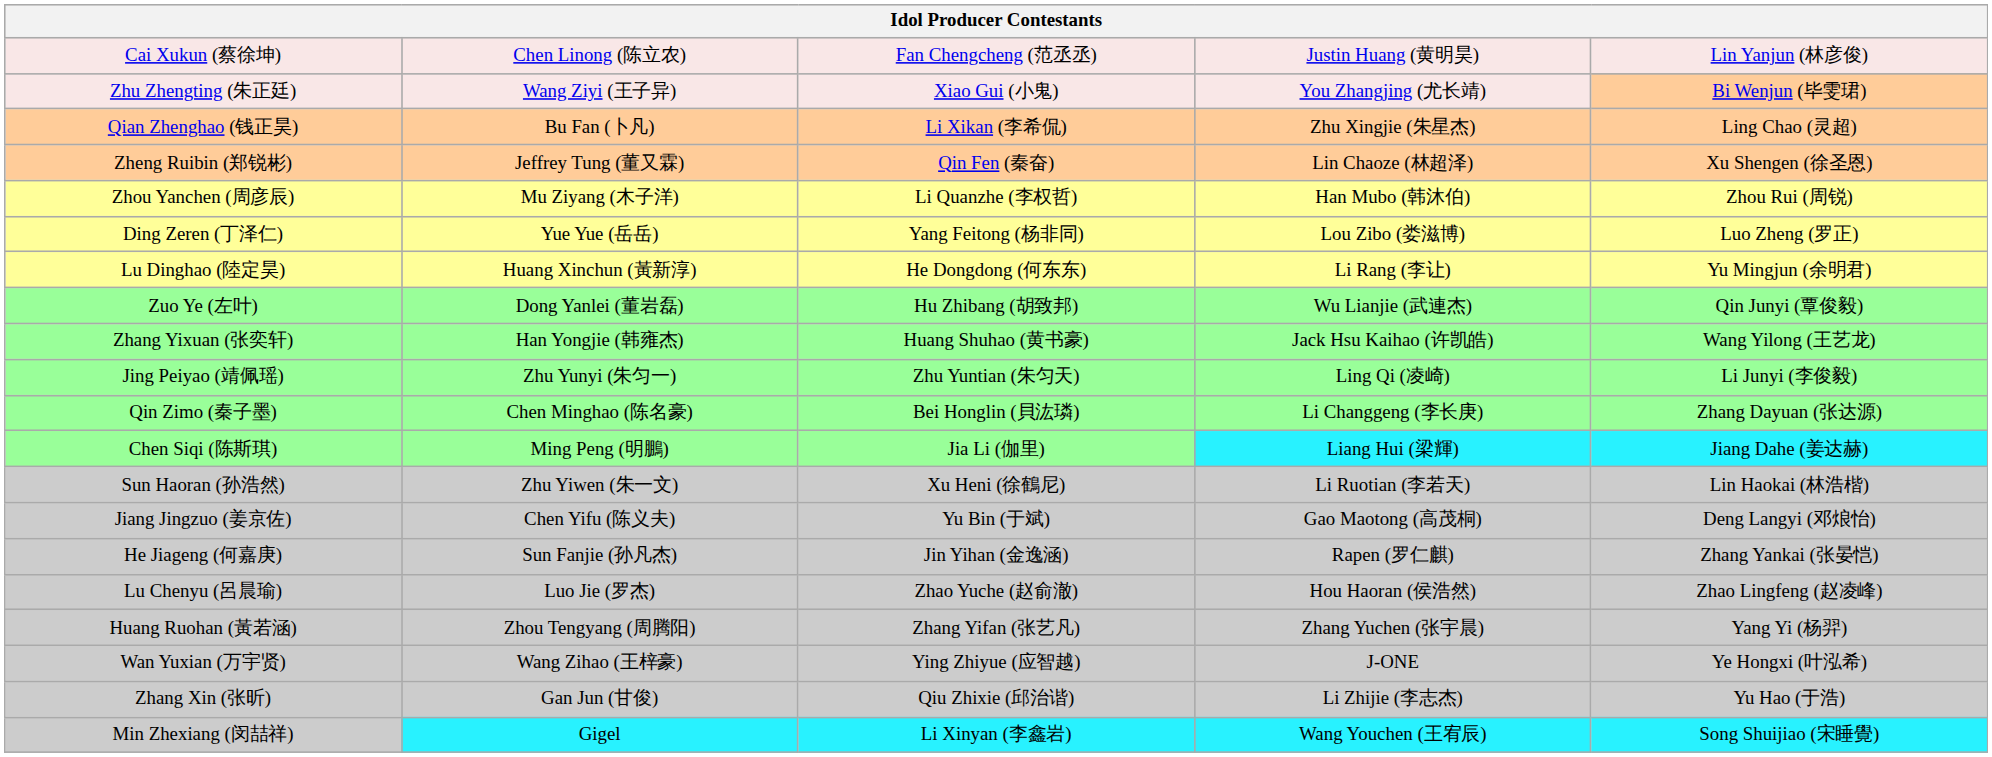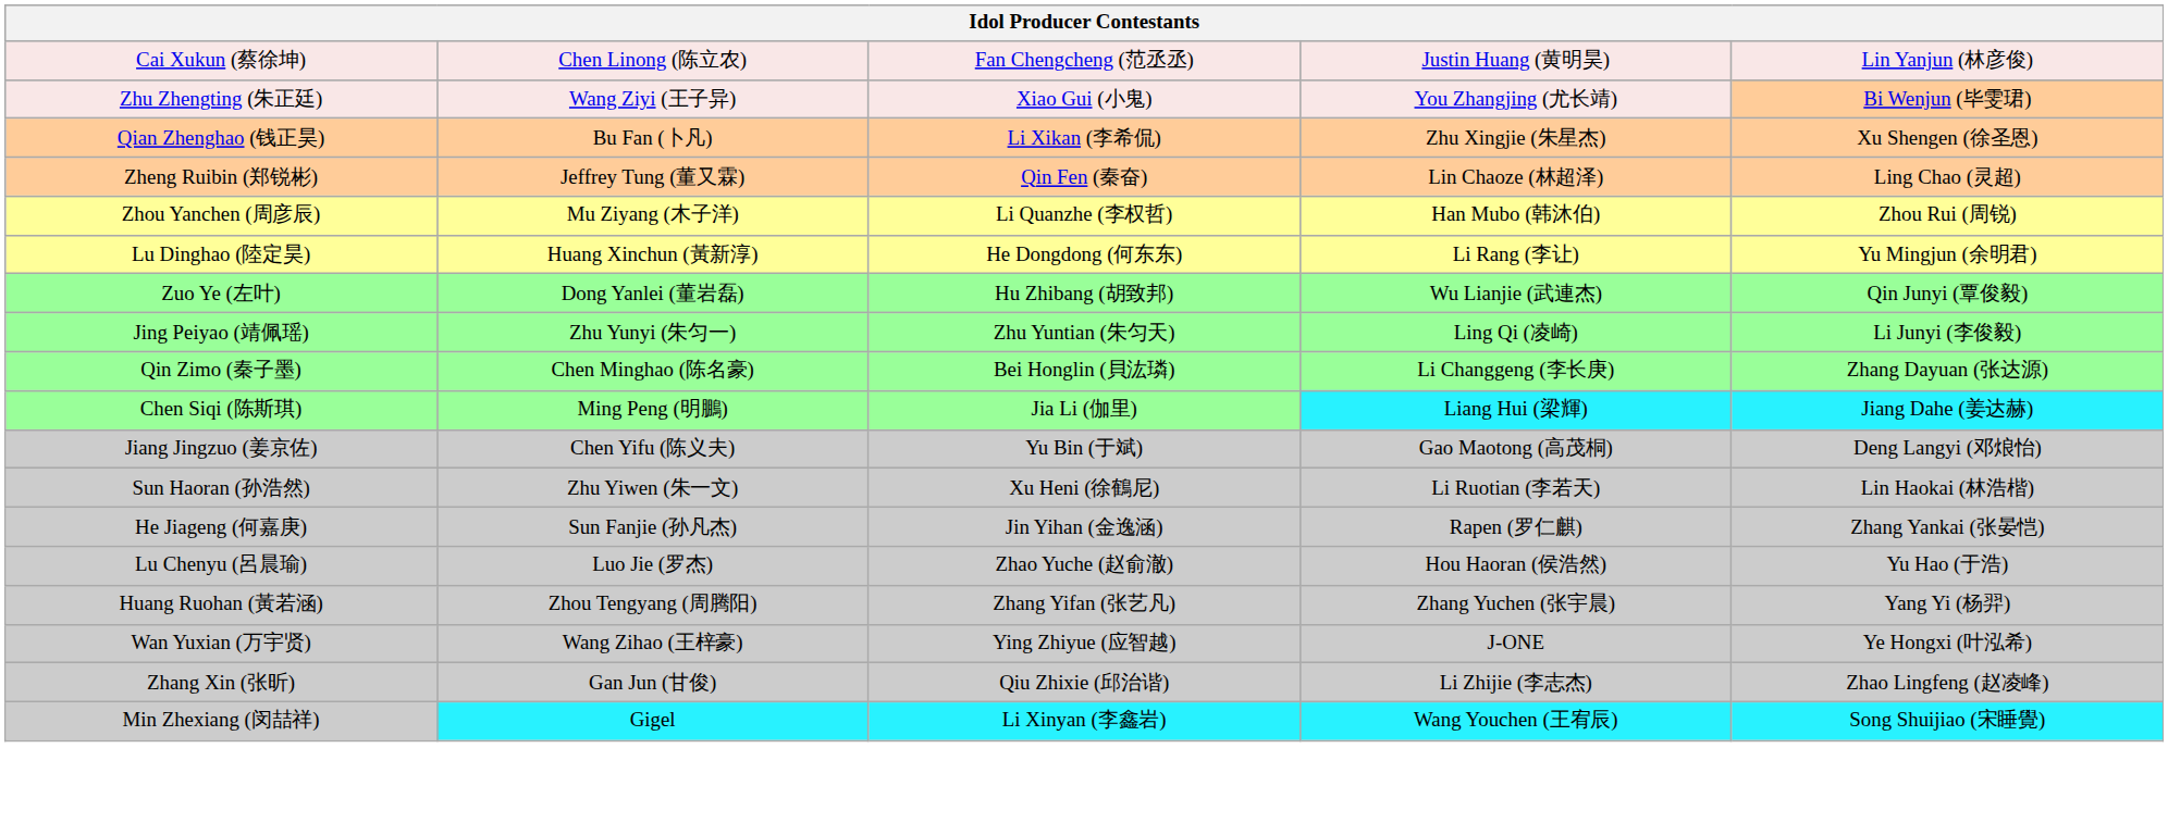 <table class="wikitable mw-collapsible" style="text-align:center; width:100%; font-size: 75%; text-align:center; width:100%; font-size: 75%; href:China">
 <tr>
 <th colspan="5">Idol Producer Contestants</th>
 </tr>
 <tr>
 <td style="background:#F9E7E7;" width="10%"><a href='#'>Cai Xukun</a> (蔡徐坤)</td>
 <td style="background:#F9E7E7;" width="10%"><a href='#'>Chen Linong</a> (陈立农)</td>
 <td style="background:#F9E7E7;" width="10%"><a href='#'>Fan Chengcheng</a> (范丞丞)</td>
 <td style="background:#F9E7E7;" width="10%"><a href='#'>Justin Huang</a> (黄明昊)</td>
 <td style="background:#F9E7E7;" width="10%"><a href='#'>Lin Yanjun</a> (林彦俊)</td>
 </tr>
 <tr>
 <td style="background:#F9E7E7;" width="10%"><a href='#'>Zhu Zhengting</a> (朱正廷)</td>
 <td style="background:#F9E7E7;" width="10%"><a href='#'>Wang Ziyi</a> (王子异)</td>
 <td style="background:#F9E7E7;" width="10%"><a href='#'>Xiao Gui</a> (小鬼)</td>
 <td style="background:#F9E7E7;" width="10%"><a href='#'>You Zhangjing</a> (尤长靖)</td>
 <td style="background:#FFCC99;" width="10%"><a href='#'>Bi Wenjun</a> (毕雯珺)</td>
 </tr>
 <tr>
 <td style="background:#FFCC99;" width="10%"><a href='#'>Qian Zhenghao</a> (钱正昊)</td>
 <td style="background:#FFCC99;" width="10%">Bu Fan (卜凡)</td>
 <td style="background:#FFCC99;" width="10%"><a href='#'>Li Xikan</a> (李希侃)</td>
 <td style="background:#FFCC99;" width="10%">Zhu Xingjie (朱星杰)</td>
-<td style="background:#FFCC99;" width="10%">Ling Chao (灵超)</td>
+<td style="background:#FFCC99;" width="10%">Xu Shengen (徐圣恩)</td>
 </tr>
 <tr>
 <td style="background:#FFCC99;" width="10%">Zheng Ruibin (郑锐彬)</td>
 <td style="background:#FFCC99;" width="10%">Jeffrey Tung (董又霖)</td>
 <td style="background:#FFCC99;" width="10%"><a href='#'>Qin Fen</a> (秦奋)</td>
 <td style="background:#FFCC99;" width="10%">Lin Chaoze (林超泽)</td>
-<td style="background:#FFCC99;" width="10%">Xu Shengen (徐圣恩)</td>
+<td style="background:#FFCC99;" width="10%">Ling Chao (灵超)</td>
 </tr>
 <tr>
 <td style="background:#FFFF99;" width="10%">Zhou Yanchen (周彦辰)</td>
 <td style="background:#FFFF99;" width="10%">Mu Ziyang (木子洋)</td>
 <td style="background:#FFFF99;" width="10%">Li Quanzhe (李权哲)</td>
 <td style="background:#FFFF99;" width="10%">Han Mubo (韩沐伯)</td>
 <td style="background:#FFFF99;" width="10%">Zhou Rui (周锐)</td>
-</tr>
-<tr>
-<td style="background:#FFFF99;" width="10%">Ding Zeren (丁泽仁)</td>
-<td style="background:#FFFF99;" width="10%">Yue Yue (岳岳)</td>
-<td style="background:#FFFF99;" width="10%">Yang Feitong (杨非同)</td>
-<td style="background:#FFFF99;" width="10%">Lou Zibo (娄滋博)</td>
-<td style="background:#FFFF99;" width="10%">Luo Zheng (罗正)</td>
 </tr>
 <tr>
 <td style="background:#FFFF99;" width="10%">Lu Dinghao (陸定昊)</td>
 <td style="background:#FFFF99;" width="10%">Huang Xinchun (黃新淳)</td>
 <td style="background:#FFFF99;" width="10%">He Dongdong (何东东)</td>
 <td style="background:#FFFF99;" width="10%">Li Rang (李让)</td>
 <td style="background:#FFFF99;" width="10%">Yu Mingjun (余明君)</td>
 </tr>
 <tr>
 <td style="background:#99FF99;" width="10%">Zuo Ye (左叶)</td>
 <td style="background:#99FF99;" width="10%">Dong Yanlei (董岩磊)</td>
 <td style="background:#99FF99;" width="10%">Hu Zhibang (胡致邦)</td>
 <td style="background:#99FF99;" width="10%">Wu Lianjie (武連杰)</td>
 <td style="background:#99FF99;" width="10%">Qin Junyi (覃俊毅)</td>
-</tr>
-<tr>
-<td style="background:#99FF99;" width="10%">Zhang Yixuan (张奕轩)</td>
-<td style="background:#99FF99;" width="10%">Han Yongjie (韩雍杰)</td>
-<td style="background:#99FF99;" width="10%">Huang Shuhao (黄书豪)</td>
-<td style="background:#99FF99;" width="10%">Jack Hsu Kaihao (许凯皓)</td>
-<td style="background:#99FF99;" width="10%">Wang Yilong (王艺龙)</td>
 </tr>
 <tr>
 <td style="background:#99FF99;" width="10%">Jing Peiyao (靖佩瑶)</td>
 <td style="background:#99FF99;" width="10%">Zhu Yunyi (朱匀一)</td>
 <td style="background:#99FF99;" width="10%">Zhu Yuntian (朱匀天)</td>
 <td style="background:#99FF99;" width="10%">Ling Qi (凌崎)</td>
 <td style="background:#99FF99;" width="10%">Li Junyi (李俊毅)</td>
 </tr>
 <tr>
 <td style="background:#99FF99;" width="10%">Qin Zimo (秦子墨)</td>
 <td style="background:#99FF99;" width="10%">Chen Minghao (陈名豪)</td>
 <td style="background:#99FF99;" width="10%">Bei Honglin (貝汯璘)</td>
 <td style="background:#99FF99;" width="10%">Li Changgeng (李长庚)</td>
 <td style="background:#99FF99;" width="10%">Zhang Dayuan (张达源)</td>
 </tr>
 <tr>
 <td style="background:#99FF99;" width="10%">Chen Siqi (陈斯琪)</td>
 <td style="background:#99FF99;" width="10%">Ming Peng (明鵬)</td>
 <td style="background:#99FF99;" width="10%">Jia Li (伽里)</td>
 <td style="background:#28f2ff;" width="10%">Liang Hui (梁輝)</td>
 <td style="background:#28f2ff;" width="10%">Jiang Dahe (姜达赫)</td>
 </tr>
 <tr>
+<td style="background:#CCCCCC;" width="10%">Jiang Jingzuo (姜京佐)</td>
+<td style="background:#CCCCCC;" width="10%">Chen Yifu (陈义夫)</td>
+<td style="background:#CCCCCC;" width="10%">Yu Bin (于斌)</td>
+<td style="background:#CCCCCC;" width="10%">Gao Maotong (高茂桐)</td>
+<td style="background:#CCCCCC;" width="10%">Deng Langyi (邓烺怡)</td>
+</tr>
+<tr>
 <td style="background:#CCCCCC;" width="10%">Sun Haoran (孙浩然)</td>
 <td style="background:#CCCCCC;" width="10%">Zhu Yiwen (朱一文)</td>
 <td style="background:#CCCCCC;" width="10%">Xu Heni (徐鶴尼)</td>
 <td style="background:#CCCCCC;" width="10%">Li Ruotian (李若天)</td>
 <td style="background:#CCCCCC;" width="10%">Lin Haokai (林浩楷)</td>
-</tr>
-<tr>
-<td style="background:#CCCCCC;" width="10%">Jiang Jingzuo (姜京佐)</td>
-<td style="background:#CCCCCC;" width="10%">Chen Yifu (陈义夫)</td>
-<td style="background:#CCCCCC;" width="10%">Yu Bin (于斌)</td>
-<td style="background:#CCCCCC;" width="10%">Gao Maotong (高茂桐)</td>
-<td style="background:#CCCCCC;" width="10%">Deng Langyi (邓烺怡)</td>
 </tr>
 <tr>
 <td style="background:#CCCCCC;" width="10%">He Jiageng (何嘉庚)</td>
 <td style="background:#CCCCCC;" width="10%">Sun Fanjie (孙凡杰)</td>
 <td style="background:#CCCCCC;" width="10%">Jin Yihan (金逸涵)</td>
 <td style="background:#CCCCCC;" width="10%">Rapen (罗仁麒)</td>
 <td style="background:#CCCCCC;" width="10%">Zhang Yankai (张晏恺)</td>
 </tr>
 <tr>
 <td style="background:#CCCCCC;" width="10%">Lu Chenyu (呂晨瑜)</td>
 <td style="background:#CCCCCC;" width="10%">Luo Jie (罗杰)</td>
 <td style="background:#CCCCCC;" width="10%">Zhao Yuche (赵俞澈)</td>
 <td style="background:#CCCCCC;" width="10%">Hou Haoran (侯浩然)</td>
-<td style="background:#CCCCCC;" width="10%">Zhao Lingfeng (赵凌峰)</td>
+<td style="background:#CCCCCC;" width="10%">Yu Hao (于浩)</td>
 </tr>
 <tr>
 <td style="background:#CCCCCC;" width="10%">Huang Ruohan (黃若涵)</td>
 <td style="background:#CCCCCC;" width="10%">Zhou Tengyang (周腾阳)</td>
 <td style="background:#CCCCCC;" width="10%">Zhang Yifan (张艺凡)</td>
 <td style="background:#CCCCCC;" width="10%">Zhang Yuchen (张宇晨)</td>
 <td style="background:#CCCCCC;" width="10%">Yang Yi (杨羿)</td>
 </tr>
 <tr>
 <td style="background:#CCCCCC;" width="10%">Wan Yuxian (万宇贤)</td>
 <td style="background:#CCCCCC;" width="10%">Wang Zihao (王梓豪)</td>
 <td style="background:#CCCCCC;" width="10%">Ying Zhiyue (应智越)</td>
 <td style="background:#CCCCCC;" width="10%">J-ONE</td>
 <td style="background:#CCCCCC;" width="10%">Ye Hongxi (叶泓希)</td>
 </tr>
 <tr>
 <td style="background:#CCCCCC;" width="10%">Zhang Xin (张昕)</td>
 <td style="background:#CCCCCC;" width="10%">Gan Jun (甘俊)</td>
 <td style="background:#CCCCCC;" width="10%">Qiu Zhixie (邱治谐)</td>
 <td style="background:#CCCCCC;" width="10%">Li Zhijie (李志杰)</td>
-<td style="background:#CCCCCC;" width="10%">Yu Hao (于浩)</td>
+<td style="background:#CCCCCC;" width="10%">Zhao Lingfeng (赵凌峰)</td>
 </tr>
 <tr>
 <td style="background:#CCCCCC;" width="10%">Min Zhexiang (闵喆祥)</td>
 <td style="background:#28f2ff;" width="10%">Gigel</td>
 <td style="background:#28f2ff;" width="10%">Li Xinyan (李鑫岩)</td>
 <td style="background:#28f2ff;" width="10%">Wang Youchen (王宥辰)</td>
 <td style="background:#28f2ff;" width="10%">Song Shuijiao (宋睡覺)</td>
 </tr>
 </table>
